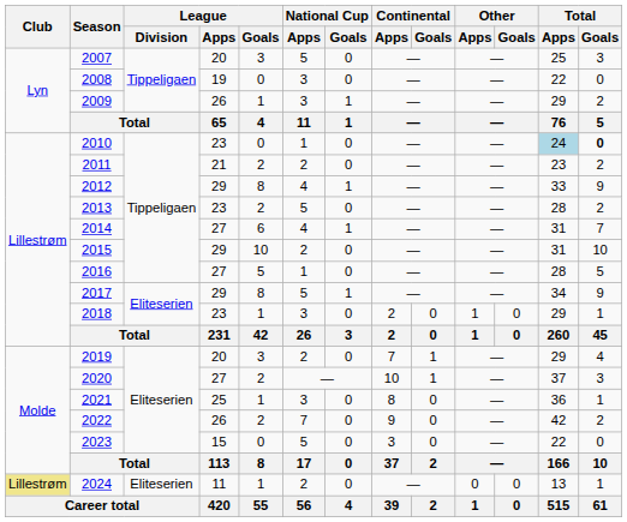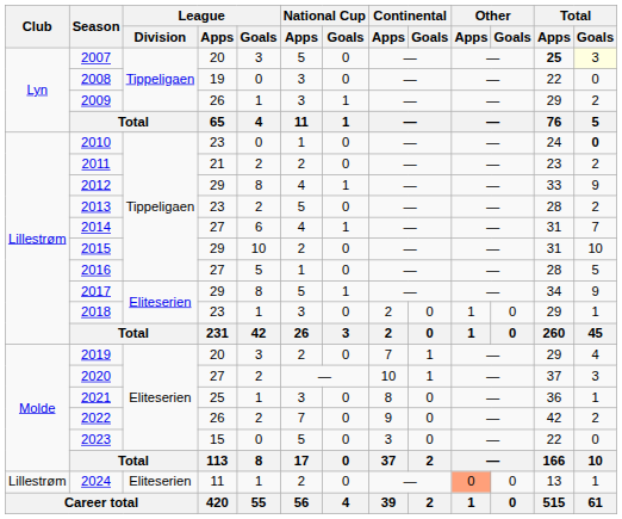 <table class="wikitable" style="text-align: center">
 <tr>
 <th rowspan="2">Club</th>
 <th rowspan="2">Season</th>
 <th colspan="3">League</th>
 <th colspan="2">National Cup</th>
 <th colspan="2">Continental</th>
 <th colspan="2">Other</th>
 <th colspan="2">Total</th>
 </tr>
 <tr>
 <th>Division</th>
 <th>Apps</th>
 <th>Goals</th>
 <th>Apps</th>
 <th>Goals</th>
 <th>Apps</th>
 <th>Goals</th>
 <th>Apps</th>
 <th>Goals</th>
 <th>Apps</th>
 <th>Goals</th>
 </tr>
 <tr>
 <td rowspan="4"><a href='#'>Lyn</a></td>
 <td><a href='#'>2007</a></td>
 <td rowspan="3"><a href='#'>Tippeligaen</a></td>
 <td>20</td>
 <td>3</td>
 <td>5</td>
 <td>0</td>
 <td colspan="2">—</td>
 <td colspan="2">—</td>
-<td>25</td>
-<td>3</td>
+<td><strong>25</strong></td>
+<td style="background: lightyellow;">3</td>
 </tr>
 <tr>
 <td><a href='#'>2008</a></td>
 <td>19</td>
 <td>0</td>
 <td>3</td>
 <td>0</td>
 <td colspan="2">—</td>
 <td colspan="2">—</td>
 <td>22</td>
 <td>0</td>
 </tr>
 <tr>
 <td><a href='#'>2009</a></td>
 <td>26</td>
 <td>1</td>
 <td>3</td>
 <td>1</td>
 <td colspan="2">—</td>
 <td colspan="2">—</td>
 <td>29</td>
 <td>2</td>
 </tr>
 <tr>
 <th colspan="2">Total</th>
 <th>65</th>
 <th>4</th>
 <th>11</th>
 <th>1</th>
 <th colspan="2">—</th>
 <th colspan="2">—</th>
 <th>76</th>
 <th>5</th>
 </tr>
 <tr>
 <td rowspan="10"><a href='#'>Lillestrøm</a></td>
 <td><a href='#'>2010</a></td>
 <td rowspan="7">Tippeligaen</td>
 <td>23</td>
 <td>0</td>
 <td>1</td>
 <td>0</td>
 <td colspan="2">—</td>
 <td colspan="2">—</td>
-<td style="background: lightblue;">24</td>
+<td>24</td>
 <td><strong>0</strong></td>
 </tr>
 <tr>
 <td><a href='#'>2011</a></td>
 <td>21</td>
 <td>2</td>
 <td>2</td>
 <td>0</td>
 <td colspan="2">—</td>
 <td colspan="2">—</td>
 <td>23</td>
 <td>2</td>
 </tr>
 <tr>
 <td><a href='#'>2012</a></td>
 <td>29</td>
 <td>8</td>
 <td>4</td>
 <td>1</td>
 <td colspan="2">—</td>
 <td colspan="2">—</td>
 <td>33</td>
 <td>9</td>
 </tr>
 <tr>
 <td><a href='#'>2013</a></td>
 <td>23</td>
 <td>2</td>
 <td>5</td>
 <td>0</td>
 <td colspan="2">—</td>
 <td colspan="2">—</td>
 <td>28</td>
 <td>2</td>
 </tr>
 <tr>
 <td><a href='#'>2014</a></td>
 <td>27</td>
 <td>6</td>
 <td>4</td>
 <td>1</td>
 <td colspan="2">—</td>
 <td colspan="2">—</td>
 <td>31</td>
 <td>7</td>
 </tr>
 <tr>
 <td><a href='#'>2015</a></td>
 <td>29</td>
 <td>10</td>
 <td>2</td>
 <td>0</td>
 <td colspan="2">—</td>
 <td colspan="2">—</td>
 <td>31</td>
 <td>10</td>
 </tr>
 <tr>
 <td><a href='#'>2016</a></td>
 <td>27</td>
 <td>5</td>
 <td>1</td>
 <td>0</td>
 <td colspan="2">—</td>
 <td colspan="2">—</td>
 <td>28</td>
 <td>5</td>
 </tr>
 <tr>
 <td><a href='#'>2017</a></td>
 <td rowspan="2"><a href='#'>Eliteserien</a></td>
 <td>29</td>
 <td>8</td>
 <td>5</td>
 <td>1</td>
 <td colspan="2">—</td>
 <td colspan="2">—</td>
 <td>34</td>
 <td>9</td>
 </tr>
 <tr>
 <td><a href='#'>2018</a></td>
 <td>23</td>
 <td>1</td>
 <td>3</td>
 <td>0</td>
 <td>2</td>
 <td>0</td>
 <td>1</td>
 <td>0</td>
 <td>29</td>
 <td>1</td>
 </tr>
 <tr>
 <th colspan="2">Total</th>
 <th>231</th>
 <th>42</th>
 <th>26</th>
 <th>3</th>
 <th>2</th>
 <th>0</th>
 <th>1</th>
 <th>0</th>
 <th>260</th>
 <th>45</th>
 </tr>
 <tr>
 <td rowspan="6"><a href='#'>Molde</a></td>
 <td><a href='#'>2019</a></td>
 <td rowspan="5">Eliteserien</td>
 <td>20</td>
 <td>3</td>
 <td>2</td>
 <td>0</td>
 <td>7</td>
 <td>1</td>
 <td colspan="2">—</td>
 <td>29</td>
 <td>4</td>
 </tr>
 <tr>
 <td><a href='#'>2020</a></td>
 <td>27</td>
 <td>2</td>
 <td colspan="2">—</td>
 <td>10</td>
 <td>1</td>
 <td colspan="2">—</td>
 <td>37</td>
 <td>3</td>
 </tr>
 <tr>
 <td><a href='#'>2021</a></td>
 <td>25</td>
 <td>1</td>
 <td>3</td>
 <td>0</td>
 <td>8</td>
 <td>0</td>
 <td colspan="2">—</td>
 <td>36</td>
 <td>1</td>
 </tr>
 <tr>
 <td><a href='#'>2022</a></td>
 <td>26</td>
 <td>2</td>
 <td>7</td>
 <td>0</td>
 <td>9</td>
 <td>0</td>
 <td colspan="2">—</td>
 <td>42</td>
 <td>2</td>
 </tr>
 <tr>
 <td><a href='#'>2023</a></td>
 <td>15</td>
 <td>0</td>
 <td>5</td>
 <td>0</td>
 <td>3</td>
 <td>0</td>
 <td colspan="2">—</td>
 <td>22</td>
 <td>0</td>
 </tr>
 <tr>
 <th colspan="2">Total</th>
 <th>113</th>
 <th>8</th>
 <th>17</th>
 <th>0</th>
 <th>37</th>
 <th>2</th>
 <th colspan="2">—</th>
 <th>166</th>
 <th>10</th>
 </tr>
 <tr>
-<td style="background: khaki;">Lillestrøm</td>
+<td>Lillestrøm</td>
 <td><a href='#'>2024</a></td>
 <td>Eliteserien</td>
 <td>11</td>
 <td>1</td>
 <td>2</td>
 <td>0</td>
 <td colspan="2">—</td>
-<td>0</td>
+<td style="background: lightsalmon;">0</td>
 <td>0</td>
 <td>13</td>
 <td>1</td>
 </tr>
 <tr>
 <th colspan="3">Career total</th>
 <th>420</th>
 <th>55</th>
 <th>56</th>
 <th>4</th>
 <th>39</th>
 <th>2</th>
 <th>1</th>
 <th>0</th>
 <th>515</th>
 <th>61</th>
 </tr>
 </table>
